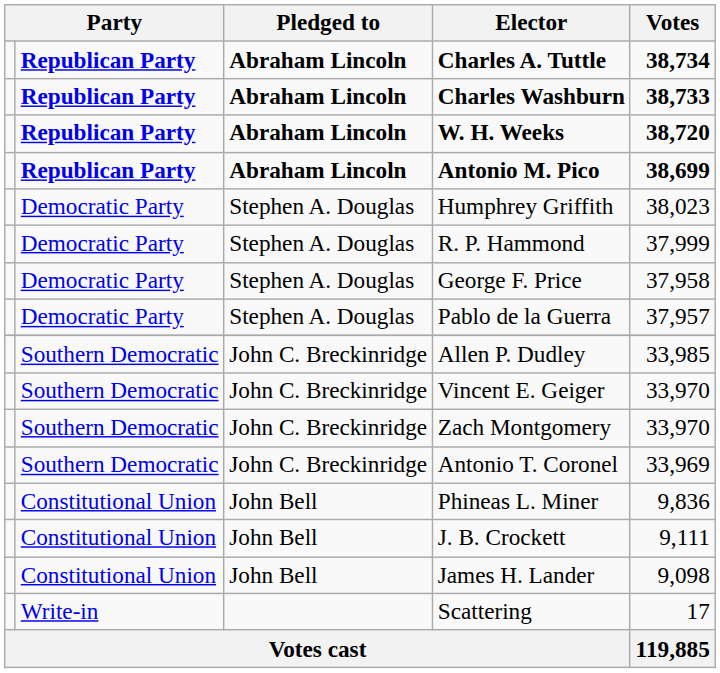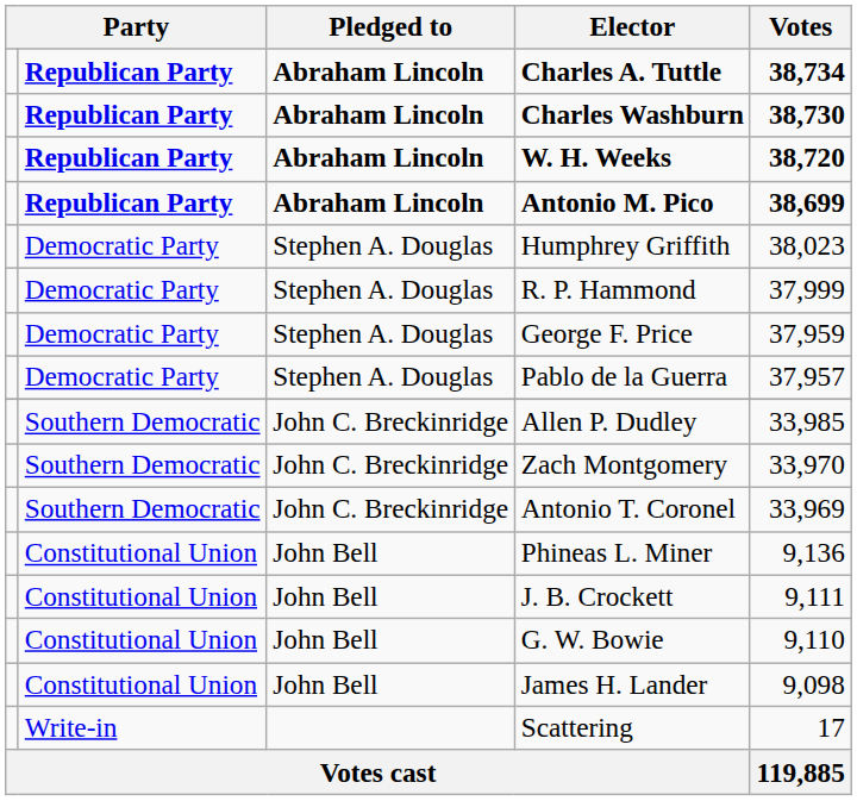 <table class="wikitable">
 <tr>
 <th colspan=2>Party</th>
 <th>Pledged to</th>
 <th>Elector</th>
 <th>Votes</th>
 </tr>
 <tr style="font-weight:bold">
 <td></td>
 <td><a href='#'>Republican Party</a></td>
 <td>Abraham Lincoln</td>
 <td>Charles A. Tuttle</td>
 <td align="right">38,734</td>
 </tr>
 <tr style="font-weight:bold">
 <td></td>
 <td><a href='#'>Republican Party</a></td>
 <td>Abraham Lincoln</td>
 <td>Charles Washburn</td>
-<td align="right">38,733</td>
+<td align="right">38,730</td>
 </tr>
 <tr style="font-weight:bold">
 <td></td>
 <td><a href='#'>Republican Party</a></td>
 <td>Abraham Lincoln</td>
 <td>W. H. Weeks</td>
 <td align="right">38,720</td>
 </tr>
 <tr style="font-weight:bold">
 <td></td>
 <td><a href='#'>Republican Party</a></td>
 <td>Abraham Lincoln</td>
 <td>Antonio M. Pico</td>
 <td align="right">38,699</td>
 </tr>
 <tr>
 <td bgcolor=></td>
 <td><a href='#'>Democratic Party</a></td>
 <td>Stephen A. Douglas</td>
 <td>Humphrey Griffith</td>
 <td align=right>38,023</td>
 </tr>
 <tr>
 <td bgcolor=></td>
 <td><a href='#'>Democratic Party</a></td>
 <td>Stephen A. Douglas</td>
 <td>R. P. Hammond</td>
 <td align=right>37,999</td>
 </tr>
 <tr>
 <td bgcolor=></td>
 <td><a href='#'>Democratic Party</a></td>
 <td>Stephen A. Douglas</td>
 <td>George F. Price</td>
-<td align=right>37,958</td>
+<td align=right>37,959</td>
 </tr>
 <tr>
 <td bgcolor=></td>
 <td><a href='#'>Democratic Party</a></td>
 <td>Stephen A. Douglas</td>
 <td>Pablo de la Guerra</td>
 <td align=right>37,957</td>
 </tr>
 <tr style="font-weight:bold">
 </tr>
 <tr>
 <td></td>
 <td><a href='#'>Southern Democratic</a></td>
 <td>John C. Breckinridge</td>
 <td>Allen P. Dudley</td>
 <td align="right">33,985</td>
 </tr>
 <tr>
 <td></td>
 <td><a href='#'>Southern Democratic</a></td>
 <td>John C. Breckinridge</td>
-<td>Vincent E. Geiger</td>
-<td align="right">33,970</td>
-</tr>
-<tr>
-<td></td>
-<td><a href='#'>Southern Democratic</a></td>
-<td>John C. Breckinridge</td>
 <td>Zach Montgomery</td>
 <td align="right">33,970</td>
 </tr>
 <tr>
 <td></td>
 <td><a href='#'>Southern Democratic</a></td>
 <td>John C. Breckinridge</td>
 <td>Antonio T. Coronel</td>
 <td align="right">33,969</td>
 </tr>
 <tr>
 <td></td>
 <td><a href='#'>Constitutional Union</a></td>
 <td>John Bell</td>
 <td>Phineas L. Miner</td>
-<td align="right">9,836</td>
+<td align="right">9,136</td>
 </tr>
 <tr>
 <td></td>
 <td><a href='#'>Constitutional Union</a></td>
 <td>John Bell</td>
 <td>J. B. Crockett</td>
 <td align="right">9,111</td>
+</tr>
+<tr>
+<td></td>
+<td><a href='#'>Constitutional Union</a></td>
+<td>John Bell</td>
+<td>G. W. Bowie</td>
+<td align="right">9,110</td>
 </tr>
 <tr>
 <td></td>
 <td><a href='#'>Constitutional Union</a></td>
 <td>John Bell</td>
 <td>James H. Lander</td>
 <td align="right">9,098</td>
 </tr>
 <tr>
 <td></td>
 <td><a href='#'>Write-in</a></td>
 <td></td>
 <td>Scattering</td>
 <td align="right">17</td>
 </tr>
 <tr>
 <th colspan="4">Votes cast</th>
 <th>119,885</th>
 </tr>
 </table>
